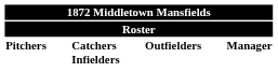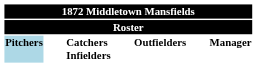 <table class="toccolours" style="font-size: 95%;">
 <tr>
 <th colspan="10" style="background-color: black; color:white; text-align: center;">1872 Middletown Mansfields</th>
 </tr>
 <tr>
 <td colspan="10" style="background-color:black; color: white; text-align: center;"><strong>Roster</strong></td>
 </tr>
 <tr>
-<td valign="top"><strong>Pitchers</strong><br></td>
+<td valign="top" style="background: lightblue;"><strong>Pitchers</strong><br></td>
 <td width="25px"></td>
 <td valign="top"><strong>Catchers</strong><br> <strong>Infielders</strong>     </td>
 <td width="25px"></td>
 <td valign="top"><strong>Outfielders</strong><br>    </td>
 <td width="25px"></td>
 <td valign="top"><strong>Manager</strong><br></td>
 </tr>
 </table>
